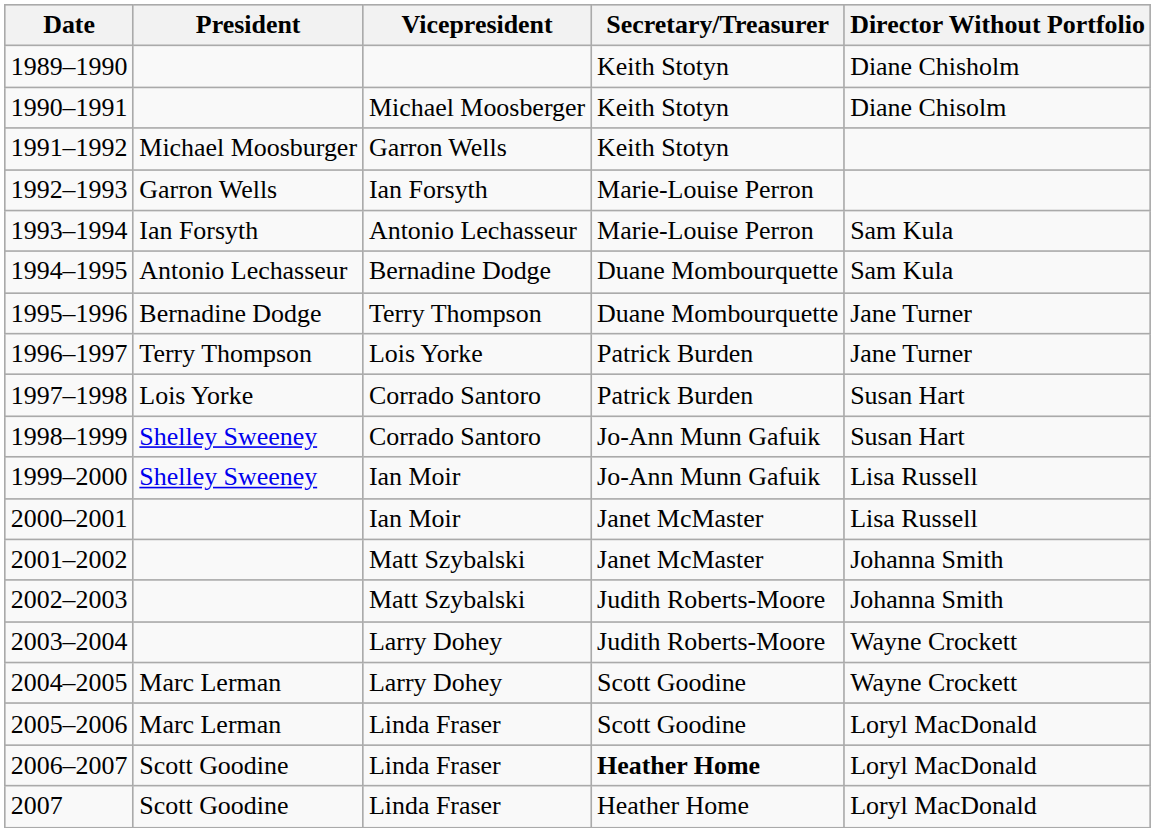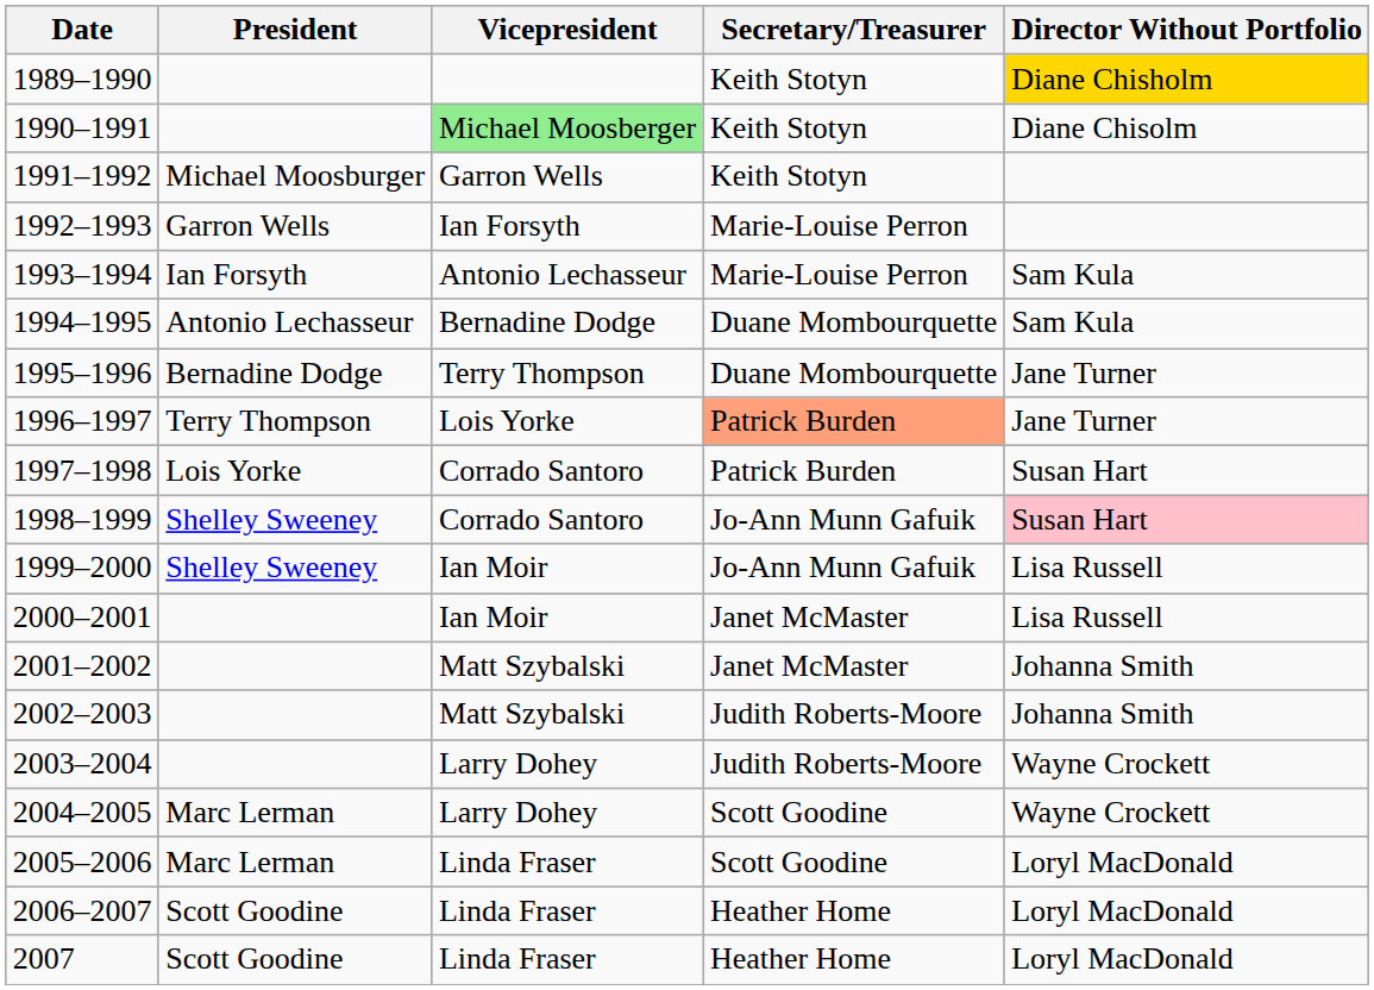 <table class="wikitable sortable">
 <tr>
 <th>Date</th>
 <th>President</th>
 <th>Vicepresident</th>
 <th>Secretary/Treasurer</th>
 <th>Director Without Portfolio</th>
 </tr>
 <tr>
 <td>1989–1990</td>
 <td></td>
 <td></td>
 <td>Keith Stotyn</td>
-<td>Diane Chisholm</td>
+<td style="background: gold;">Diane Chisholm</td>
 </tr>
 <tr>
 <td>1990–1991</td>
 <td></td>
-<td>Michael Moosberger</td>
+<td style="background: lightgreen;">Michael Moosberger</td>
 <td>Keith Stotyn</td>
 <td>Diane Chisolm</td>
 </tr>
 <tr>
 <td>1991–1992</td>
 <td>Michael Moosburger</td>
 <td>Garron Wells</td>
 <td>Keith Stotyn</td>
 <td></td>
 </tr>
 <tr>
 <td>1992–1993</td>
 <td>Garron Wells</td>
 <td>Ian Forsyth</td>
 <td>Marie-Louise Perron</td>
 <td></td>
 </tr>
 <tr>
 <td>1993–1994</td>
 <td>Ian Forsyth</td>
 <td>Antonio Lechasseur</td>
 <td>Marie-Louise Perron</td>
 <td>Sam Kula</td>
 </tr>
 <tr>
 <td>1994–1995</td>
 <td>Antonio Lechasseur</td>
 <td>Bernadine Dodge</td>
 <td>Duane Mombourquette</td>
 <td>Sam Kula</td>
 </tr>
 <tr>
 <td>1995–1996</td>
 <td>Bernadine Dodge</td>
 <td>Terry Thompson</td>
 <td>Duane Mombourquette</td>
 <td>Jane Turner</td>
 </tr>
 <tr>
 <td>1996–1997</td>
 <td>Terry Thompson</td>
 <td>Lois Yorke</td>
-<td>Patrick Burden</td>
+<td style="background: lightsalmon;">Patrick Burden</td>
 <td>Jane Turner</td>
 </tr>
 <tr>
 <td>1997–1998</td>
 <td>Lois Yorke</td>
 <td>Corrado Santoro</td>
 <td>Patrick Burden</td>
 <td>Susan Hart</td>
 </tr>
 <tr>
 <td>1998–1999</td>
 <td><a href='#'>Shelley Sweeney</a></td>
 <td>Corrado Santoro</td>
 <td>Jo-Ann Munn Gafuik</td>
-<td>Susan Hart</td>
+<td style="background: pink;">Susan Hart</td>
 </tr>
 <tr>
 <td>1999–2000</td>
 <td><a href='#'>Shelley Sweeney</a></td>
 <td>Ian Moir</td>
 <td>Jo-Ann Munn Gafuik</td>
 <td>Lisa Russell</td>
 </tr>
 <tr>
 <td>2000–2001</td>
 <td></td>
 <td>Ian Moir</td>
 <td>Janet McMaster</td>
 <td>Lisa Russell</td>
 </tr>
 <tr>
 <td>2001–2002</td>
 <td></td>
 <td>Matt Szybalski</td>
 <td>Janet McMaster</td>
 <td>Johanna Smith</td>
 </tr>
 <tr>
 <td>2002–2003</td>
 <td></td>
 <td>Matt Szybalski</td>
 <td>Judith Roberts-Moore</td>
 <td>Johanna Smith</td>
 </tr>
 <tr>
 <td>2003–2004</td>
 <td></td>
 <td>Larry Dohey</td>
 <td>Judith Roberts-Moore</td>
 <td>Wayne Crockett</td>
 </tr>
 <tr>
 <td>2004–2005</td>
 <td>Marc Lerman</td>
 <td>Larry Dohey</td>
 <td>Scott Goodine</td>
 <td>Wayne Crockett</td>
 </tr>
 <tr>
 <td>2005–2006</td>
 <td>Marc Lerman</td>
 <td>Linda Fraser</td>
 <td>Scott Goodine</td>
 <td>Loryl MacDonald</td>
 </tr>
 <tr>
 <td>2006–2007</td>
 <td>Scott Goodine</td>
 <td>Linda Fraser</td>
-<td><strong>Heather Home</strong></td>
+<td>Heather Home</td>
 <td>Loryl MacDonald</td>
 </tr>
 <tr>
 <td>2007</td>
 <td>Scott Goodine</td>
 <td>Linda Fraser</td>
 <td>Heather Home</td>
 <td>Loryl MacDonald</td>
 </tr>
 <tr>
 </tr>
 </table>
